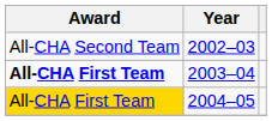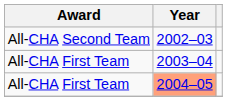 <table class="wikitable">
 <tr>
 <th>Award</th>
 <th>Year</th>
 <th></th>
 </tr>
 <tr>
 <td>All-<a href='#'>CHA</a> <a href='#'>Second Team</a></td>
 <td><a href='#'>2002–03</a></td>
 <td></td>
 </tr>
 <tr>
-<td><strong>All-<a href='#'>CHA</a> <a href='#'>First Team</a></strong></td>
+<td>All-<a href='#'>CHA</a> <a href='#'>First Team</a></td>
 <td><a href='#'>2003–04</a></td>
 <td></td>
 </tr>
 <tr>
-<td style="background: gold;">All-<a href='#'>CHA</a> <a href='#'>First Team</a></td>
-<td><a href='#'>2004–05</a></td>
+<td>All-<a href='#'>CHA</a> <a href='#'>First Team</a></td>
+<td style="background: lightsalmon;"><a href='#'>2004–05</a></td>
 <td></td>
 </tr>
 <tr>
 </tr>
 </table>
